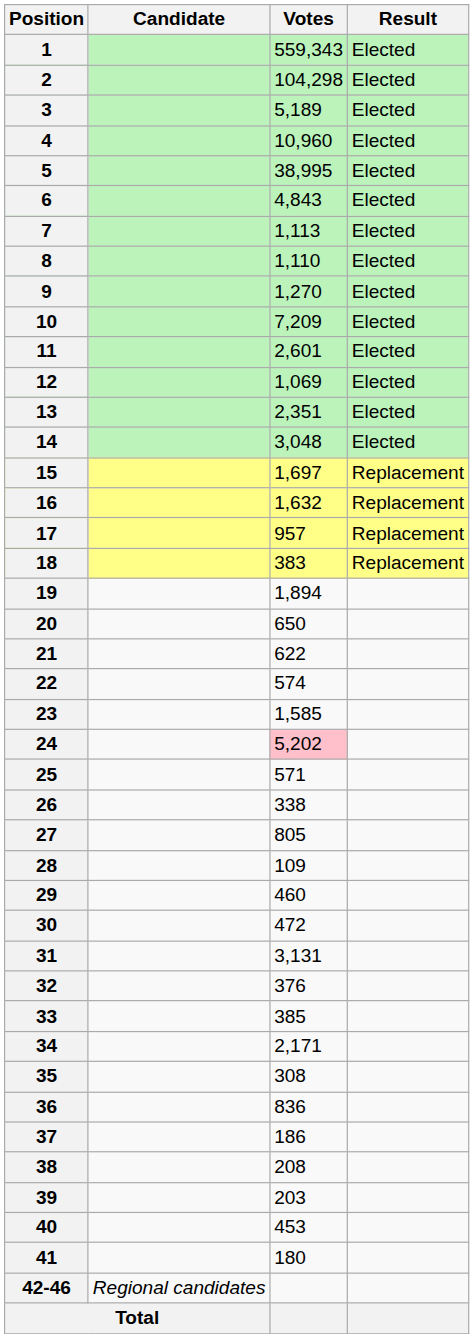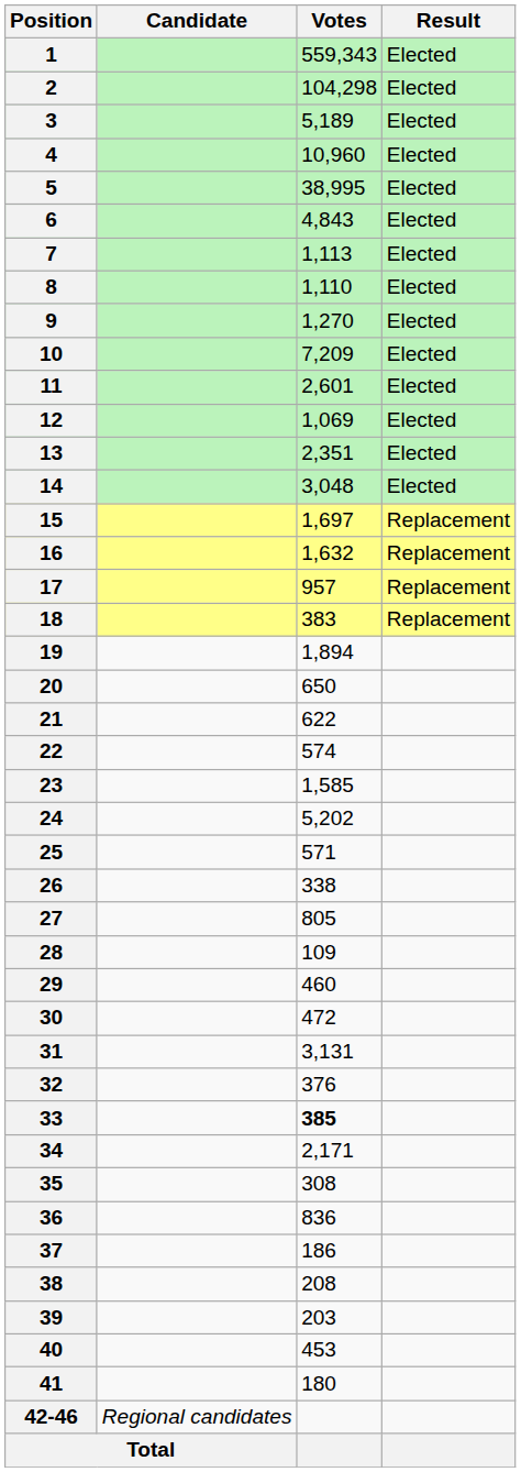 <table class="wikitable sortable col3right">
 <tr>
 <th scope="col">Position</th>
 <th scope="col">Candidate</th>
 <th scope="col">Votes</th>
 <th scope="col">Result</th>
 </tr>
 <tr bgcolor=bbf3bb>
 <th scope="row">1</th>
 <td></td>
 <td>559,343</td>
 <td>Elected</td>
 </tr>
 <tr bgcolor=bbf3bb>
 <th scope="row">2</th>
 <td></td>
 <td>104,298</td>
 <td>Elected</td>
 </tr>
 <tr bgcolor=bbf3bb>
 <th scope="row">3</th>
 <td></td>
 <td>5,189</td>
 <td>Elected</td>
 </tr>
 <tr bgcolor=bbf3bb>
 <th scope="row">4</th>
 <td></td>
 <td>10,960</td>
 <td>Elected</td>
 </tr>
 <tr bgcolor=bbf3bb>
 <th scope="row">5</th>
 <td></td>
 <td>38,995</td>
 <td>Elected</td>
 </tr>
 <tr bgcolor=bbf3bb>
 <th scope="row">6</th>
 <td></td>
 <td>4,843</td>
 <td>Elected</td>
 </tr>
 <tr bgcolor=bbf3bb>
 <th scope="row">7</th>
 <td></td>
 <td>1,113</td>
 <td>Elected</td>
 </tr>
 <tr bgcolor=bbf3bb>
 <th scope="row">8</th>
 <td></td>
 <td>1,110</td>
 <td>Elected</td>
 </tr>
 <tr bgcolor=bbf3bb>
 <th scope="row">9</th>
 <td></td>
 <td>1,270</td>
 <td>Elected</td>
 </tr>
 <tr bgcolor=bbf3bb>
 <th scope="row">10</th>
 <td></td>
 <td>7,209</td>
 <td>Elected</td>
 </tr>
 <tr bgcolor=bbf3bb>
 <th scope="row">11</th>
 <td></td>
 <td>2,601</td>
 <td>Elected</td>
 </tr>
 <tr bgcolor=bbf3bb>
 <th scope="row">12</th>
 <td></td>
 <td>1,069</td>
 <td>Elected</td>
 </tr>
 <tr bgcolor=bbf3bb>
 <th scope="row">13</th>
 <td></td>
 <td>2,351</td>
 <td>Elected</td>
 </tr>
 <tr bgcolor=bbf3bb>
 <th scope="row">14</th>
 <td></td>
 <td>3,048</td>
 <td>Elected</td>
 </tr>
 <tr bgcolor=#FF8>
 <th scope="row">15</th>
 <td></td>
 <td>1,697</td>
 <td>Replacement</td>
 </tr>
 <tr bgcolor=#FF8>
 <th scope="row">16</th>
 <td></td>
 <td>1,632</td>
 <td>Replacement</td>
 </tr>
 <tr bgcolor=#FF8>
 <th scope="row">17</th>
 <td></td>
 <td>957</td>
 <td>Replacement</td>
 </tr>
 <tr bgcolor=#FF8>
 <th scope="row">18</th>
 <td></td>
 <td>383</td>
 <td>Replacement</td>
 </tr>
 <tr>
 <th scope="row">19</th>
 <td></td>
 <td>1,894</td>
 <td></td>
 </tr>
 <tr>
 <th scope="row">20</th>
 <td></td>
 <td>650</td>
 <td></td>
 </tr>
 <tr>
 <th scope="row">21</th>
 <td></td>
 <td>622</td>
 <td></td>
 </tr>
 <tr>
 <th scope="row">22</th>
 <td></td>
 <td>574</td>
 <td></td>
 </tr>
 <tr>
 <th scope="row">23</th>
 <td></td>
 <td>1,585</td>
 <td></td>
 </tr>
 <tr>
 <th scope="row">24</th>
 <td></td>
-<td style="background: pink;">5,202</td>
+<td>5,202</td>
 <td></td>
 </tr>
 <tr>
 <th scope="row">25</th>
 <td></td>
 <td>571</td>
 <td></td>
 </tr>
 <tr>
 <th scope="row">26</th>
 <td></td>
 <td>338</td>
 <td></td>
 </tr>
 <tr>
 <th scope="row">27</th>
 <td></td>
 <td>805</td>
 <td></td>
 </tr>
 <tr>
 <th scope="row">28</th>
 <td></td>
 <td>109</td>
 <td></td>
 </tr>
 <tr>
 <th scope="row">29</th>
 <td></td>
 <td>460</td>
 <td></td>
 </tr>
 <tr>
 <th scope="row">30</th>
 <td></td>
 <td>472</td>
 <td></td>
 </tr>
 <tr>
 <th scope="row">31</th>
 <td></td>
 <td>3,131</td>
 <td></td>
 </tr>
 <tr>
 <th scope="row">32</th>
 <td></td>
 <td>376</td>
 <td></td>
 </tr>
 <tr>
 <th scope="row">33</th>
 <td></td>
-<td>385</td>
+<td><strong>385</strong></td>
 <td></td>
 </tr>
 <tr>
 <th scope="row">34</th>
 <td></td>
 <td>2,171</td>
 <td></td>
 </tr>
 <tr>
 <th scope="row">35</th>
 <td></td>
 <td>308</td>
 <td></td>
 </tr>
 <tr>
 <th scope="row">36</th>
 <td></td>
 <td>836</td>
 <td></td>
 </tr>
 <tr>
 <th scope="row">37</th>
 <td></td>
 <td>186</td>
 <td></td>
 </tr>
 <tr>
 <th scope="row">38</th>
 <td></td>
 <td>208</td>
 <td></td>
 </tr>
 <tr>
 <th scope="row">39</th>
 <td></td>
 <td>203</td>
 <td></td>
 </tr>
 <tr>
 <th scope="row">40</th>
 <td></td>
 <td>453</td>
 <td></td>
 </tr>
 <tr>
 <th scope="row">41</th>
 <td></td>
 <td>180</td>
 <td></td>
 </tr>
 <tr>
 <th scope="row">42-46</th>
 <td><em>Regional candidates</em></td>
 <td></td>
 <td></td>
 </tr>
 <tr class="sortbottom">
 <th scope="row" colspan="2">Total</th>
 <th></th>
 <th></th>
 </tr>
 </table>
